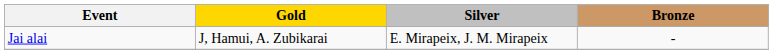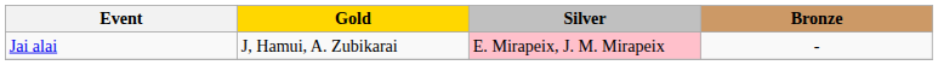 <table class="wikitable" style="max-width: 23cm; width: 100%">
 <tr>
 <th scope="col">Event</th>
 <th scope="col" style="background-color:gold; width:25%">Gold</th>
 <th scope="col" style="background-color:silver; width:25%; width:25%">Silver</th>
 <th scope="col" style="background-color:#cc9966; width:25%">Bronze</th>
 </tr>
 <tr>
 <td><a href='#'>Jai alai</a></td>
 <td> J, Hamui, A. Zubikarai</td>
-<td> E. Mirapeix, J. M. Mirapeix</td>
+<td style="background: pink;"> E. Mirapeix, J. M. Mirapeix</td>
 <td align=center>-</td>
 </tr>
 <tr>
 </tr>
 </table>
